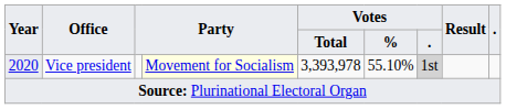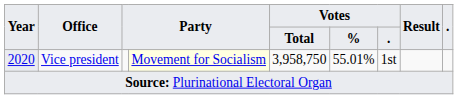 <table class="wikitable" style="font-size:90%; text-align:center;">
 <tr>
 <th style="background-color:#EAECF0;" rowspan=2>Year</th>
 <th style="background-color:#EAECF0;" rowspan=2>Office</th>
 <th style="background-color:#EAECF0;" colspan=2 rowspan=2>Party</th>
 <th style="background-color:#EAECF0;" colspan=3>Votes</th>
 <th style="background-color:#EAECF0;" rowspan=2>Result</th>
 <th style="background-color:#EAECF0;" rowspan=2>.</th>
 </tr>
 <tr>
 <th style="background-color:#EAECF0;">Total</th>
 <th style="background-color:#EAECF0;">%</th>
 <th style="background-color:#EAECF0;">.</th>
 </tr>
 <tr>
 <td style="background-color:#EAECF0;"><a href='#'>2020</a></td>
 <td><a href='#'>Vice president</a></td>
 <td style="background-color:"></td>
 <td style="background: lightyellow;"><a href='#'>Movement for Socialism</a></td>
-<td>3,393,978</td>
-<td>55.10%</td>
-<td style="background: lightgrey;">1st</td>
+<td>3,958,750</td>
+<td>55.01%</td>
+<td>1st</td>
 <td></td>
 <td></td>
 </tr>
 <tr>
 <td style="background-color:#EAECF0;" colspan=9><strong>Source:</strong> <a href='#'>Plurinational Electoral Organ</a>  </td>
 </tr>
 </table>
